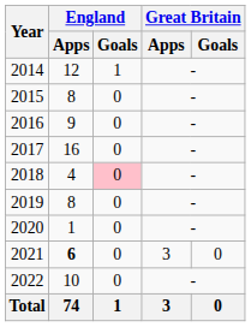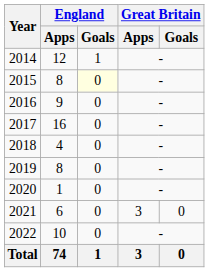 <table class="wikitable" style="text-align:center">
 <tr>
 <th rowspan="2">Year</th>
 <th colspan="2"><a href='#'>England</a></th>
 <th colspan="2"><a href='#'>Great Britain</a></th>
 </tr>
 <tr>
 <th>Apps</th>
 <th>Goals</th>
 <th>Apps</th>
 <th>Goals</th>
 </tr>
 <tr>
 <td>2014</td>
 <td>12</td>
 <td>1</td>
 <td colspan="2">-</td>
 </tr>
 <tr>
 <td>2015</td>
 <td>8</td>
-<td>0</td>
+<td style="background: lightyellow;">0</td>
 <td colspan="2">-</td>
 </tr>
 <tr>
 <td>2016</td>
 <td>9</td>
 <td>0</td>
 <td colspan="2">-</td>
 </tr>
 <tr>
 <td>2017</td>
 <td>16</td>
 <td>0</td>
 <td colspan="2">-</td>
 </tr>
 <tr>
 <td>2018</td>
 <td>4</td>
-<td style="background: pink;">0</td>
+<td>0</td>
 <td colspan="2">-</td>
 </tr>
 <tr>
 <td>2019</td>
 <td>8</td>
 <td>0</td>
 <td colspan="2">-</td>
 </tr>
 <tr>
 <td>2020</td>
 <td>1</td>
 <td>0</td>
 <td colspan="2">-</td>
 </tr>
 <tr>
 <td>2021</td>
-<td><strong>6</strong></td>
+<td>6</td>
 <td>0</td>
 <td>3</td>
 <td>0</td>
 </tr>
 <tr>
 <td>2022</td>
 <td>10</td>
 <td>0</td>
 <td colspan="2">-</td>
 </tr>
 <tr>
 <th>Total</th>
 <th>74</th>
 <th>1</th>
 <th>3</th>
 <th>0</th>
 </tr>
 </table>
